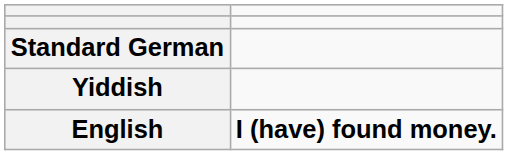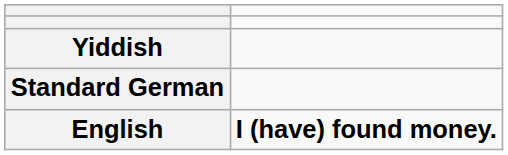 <table class="wikitable">
 <tr>
 <th></th>
 <td></td>
 </tr>
 <tr>
 <th></th>
 <td></td>
 </tr>
 <tr>
-<th>Standard German</th>
+<th>Yiddish</th>
 <td><br></td>
 </tr>
 <tr>
-<th>Yiddish</th>
+<th>Standard German</th>
 <td></td>
 </tr>
 <tr>
 <th>English</th>
 <td><strong>I (have) found money.</strong></td>
 </tr>
 </table>
